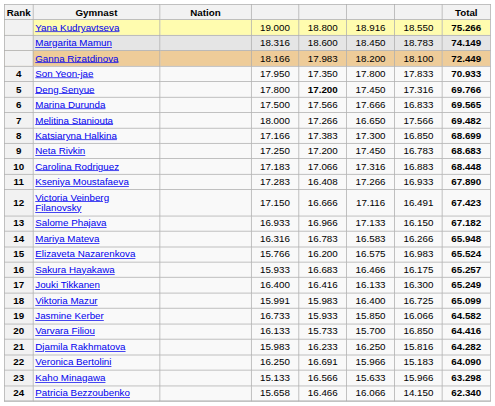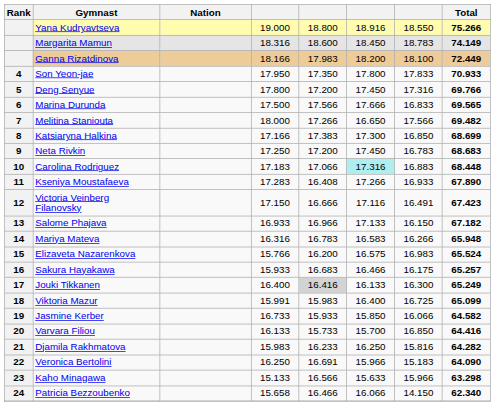 <table class="wikitable sortable" style="text-align:center; font-size:85%">
 <tr>
 <th scope="col" style="width:20px;">Rank</th>
 <th ! scope="col" style="width:170px;">Gymnast</th>
 <th ! scope="col" style="width:120px;">Nation</th>
 <th ! scope="col" style="width:60px;"></th>
 <th ! scope="col" style="width:60px;"></th>
 <th ! scope="col" style="width:60px;"></th>
 <th ! scope="col" style="width:60px;"></th>
 <th ! scope="col" style="width:60px;">Total</th>
 </tr>
 <tr bgcolor=fffcaf>
 <th scope=row></th>
 <td align=left><a href='#'>Yana Kudryavtseva</a></td>
 <td style="text-align:left;"></td>
 <td>19.000</td>
 <td>18.800</td>
 <td>18.916</td>
 <td>18.550</td>
 <td><strong>75.266</strong></td>
 </tr>
 <tr bgcolor=e5e5e5>
 <th scope=row></th>
 <td align=left><a href='#'>Margarita Mamun</a></td>
 <td style="text-align:left;"></td>
 <td>18.316</td>
 <td>18.600</td>
 <td>18.450</td>
 <td>18.783</td>
 <td><strong>74.149</strong></td>
 </tr>
 <tr bgcolor=eecc99>
 <th scope=row></th>
 <td align=left><a href='#'>Ganna Rizatdinova</a></td>
 <td style="text-align:left;"></td>
 <td>18.166</td>
 <td>17.983</td>
 <td>18.200</td>
 <td>18.100</td>
 <td><strong>72.449</strong></td>
 </tr>
 <tr>
 <th scope=row>4</th>
 <td align=left><a href='#'>Son Yeon-jae</a></td>
 <td style="text-align:left;"></td>
 <td>17.950</td>
 <td>17.350</td>
 <td>17.800</td>
 <td>17.833</td>
 <td><strong>70.933</strong></td>
 </tr>
 <tr>
 <th scope=row>5</th>
 <td align=left><a href='#'>Deng Senyue</a></td>
 <td style="text-align:left;"></td>
 <td>17.800</td>
-<td><strong>17.200</strong></td>
+<td>17.200</td>
 <td>17.450</td>
 <td>17.316</td>
 <td><strong>69.766</strong></td>
 </tr>
 <tr>
 <th scope=row>6</th>
 <td align=left><a href='#'>Marina Durunda</a></td>
 <td style="text-align:left;"></td>
 <td>17.500</td>
 <td>17.566</td>
 <td>17.666</td>
 <td>16.833</td>
 <td><strong>69.565</strong></td>
 </tr>
 <tr>
 <th scope=row>7</th>
 <td align=left><a href='#'>Melitina Staniouta</a></td>
 <td style="text-align:left;"></td>
 <td>18.000</td>
 <td>17.266</td>
 <td>16.650</td>
 <td>17.566</td>
 <td><strong>69.482</strong></td>
 </tr>
 <tr>
 <th scope=row>8</th>
 <td align=left><a href='#'>Katsiaryna Halkina</a></td>
 <td style="text-align:left;"></td>
 <td>17.166</td>
 <td>17.383</td>
 <td>17.300</td>
 <td>16.850</td>
 <td><strong>68.699</strong></td>
 </tr>
 <tr>
 <th scope=row>9</th>
 <td align=left><a href='#'>Neta Rivkin</a></td>
 <td style="text-align:left;"></td>
 <td>17.250</td>
 <td>17.200</td>
 <td>17.450</td>
 <td>16.783</td>
 <td><strong>68.683</strong></td>
 </tr>
 <tr>
 <th scope=row>10</th>
 <td align=left><a href='#'>Carolina Rodriguez</a></td>
 <td style="text-align:left;"></td>
 <td>17.183</td>
 <td>17.066</td>
-<td>17.316</td>
+<td style="background: paleturquoise;">17.316</td>
 <td>16.883</td>
 <td><strong>68.448</strong></td>
 </tr>
 <tr>
 <th scope=row>11</th>
 <td align=left><a href='#'>Kseniya Moustafaeva</a></td>
 <td style="text-align:left;"></td>
 <td>17.283</td>
 <td>16.408</td>
 <td>17.266</td>
 <td>16.933</td>
 <td><strong>67.890</strong></td>
 </tr>
 <tr>
 <th scope=row>12</th>
 <td align=left><a href='#'>Victoria Veinberg Filanovsky</a></td>
 <td style="text-align:left;"></td>
 <td>17.150</td>
 <td>16.666</td>
 <td>17.116</td>
 <td>16.491</td>
 <td><strong>67.423</strong></td>
 </tr>
 <tr>
 <th scope=row>13</th>
 <td align=left><a href='#'>Salome Phajava</a></td>
 <td style="text-align:left;"></td>
 <td>16.933</td>
 <td>16.966</td>
 <td>17.133</td>
 <td>16.150</td>
 <td><strong>67.182</strong></td>
 </tr>
 <tr>
 <th scope=row>14</th>
 <td align=left><a href='#'>Mariya Mateva</a></td>
 <td style="text-align:left;"></td>
 <td>16.316</td>
 <td>16.783</td>
 <td>16.583</td>
 <td>16.266</td>
 <td><strong>65.948</strong></td>
 </tr>
 <tr>
 <th scope=row>15</th>
 <td align=left><a href='#'>Elizaveta Nazarenkova</a></td>
 <td style="text-align:left;"></td>
 <td>15.766</td>
 <td>16.200</td>
 <td>16.575</td>
 <td>16.983</td>
 <td><strong>65.524</strong></td>
 </tr>
 <tr>
 <th scope=row>16</th>
 <td align=left><a href='#'>Sakura Hayakawa</a></td>
 <td style="text-align:left;"></td>
 <td>15.933</td>
 <td>16.683</td>
 <td>16.466</td>
 <td>16.175</td>
 <td><strong>65.257</strong></td>
 </tr>
 <tr>
 <th scope=row>17</th>
 <td align=left><a href='#'>Jouki Tikkanen</a></td>
 <td style="text-align:left;"></td>
 <td>16.400</td>
-<td>16.416</td>
+<td style="background: lightgrey;">16.416</td>
 <td>16.133</td>
 <td>16.300</td>
 <td><strong>65.249</strong></td>
 </tr>
 <tr>
 <th scope=row>18</th>
 <td align=left><a href='#'>Viktoria Mazur</a></td>
 <td style="text-align:left;"></td>
 <td>15.991</td>
 <td>15.983</td>
 <td>16.400</td>
 <td>16.725</td>
 <td><strong>65.099</strong></td>
 </tr>
 <tr>
 <th scope=row>19</th>
 <td align=left><a href='#'>Jasmine Kerber</a></td>
 <td style="text-align:left;"></td>
 <td>16.733</td>
 <td>15.933</td>
 <td>15.850</td>
 <td>16.066</td>
 <td><strong>64.582</strong></td>
 </tr>
 <tr>
 <th scope=row>20</th>
 <td align=left><a href='#'>Varvara Filiou</a></td>
 <td style="text-align:left;"></td>
 <td>16.133</td>
 <td>15.733</td>
 <td>15.700</td>
 <td>16.850</td>
 <td><strong>64.416</strong></td>
 </tr>
 <tr>
 <th scope=row>21</th>
 <td align=left><a href='#'>Djamila Rakhmatova</a></td>
 <td style="text-align:left;"></td>
 <td>15.983</td>
 <td>16.233</td>
 <td>16.250</td>
 <td>15.816</td>
 <td><strong>64.282</strong></td>
 </tr>
 <tr>
 <th scope=row>22</th>
 <td align=left><a href='#'>Veronica Bertolini</a></td>
 <td style="text-align:left;"></td>
 <td>16.250</td>
 <td>16.691</td>
 <td>15.966</td>
 <td>15.183</td>
 <td><strong>64.090</strong></td>
 </tr>
 <tr>
 <th scope=row>23</th>
 <td align=left><a href='#'>Kaho Minagawa</a></td>
 <td style="text-align:left;"></td>
 <td>15.133</td>
 <td>16.566</td>
 <td>15.633</td>
 <td>15.966</td>
 <td><strong>63.298</strong></td>
 </tr>
 <tr>
 <th scope=row>24</th>
 <td align=left><a href='#'>Patricia Bezzoubenko</a></td>
 <td style="text-align:left;"></td>
 <td>15.658</td>
 <td>16.466</td>
 <td>16.066</td>
 <td>14.150</td>
 <td><strong>62.340</strong></td>
 </tr>
 <tr>
 </tr>
 </table>
